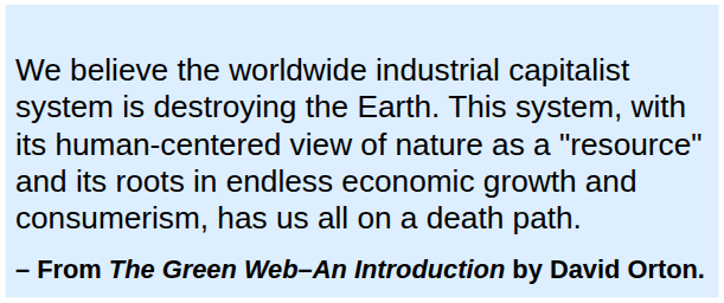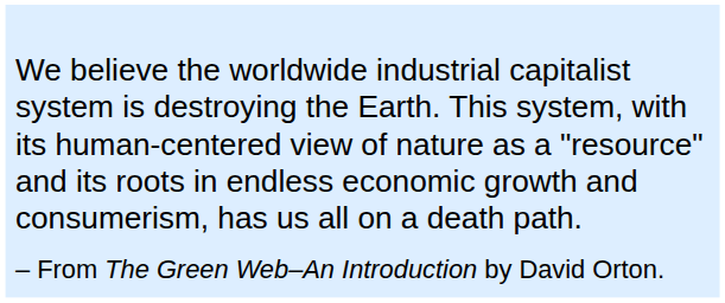 <table class="toccolours" style="float: right; margin-left: 1em; margin-right: 1em; font-size: 110%; background:#ddeeff; color:black; width:23em; max-width: 35%;" cellspacing="5">
 <tr>
 <td style="text-align: left;"><br>We believe the worldwide industrial capitalist system is destroying the Earth. This system, with its human-centered view of nature as a "resource" and its roots in endless economic growth and consumerism, has us all on a death path.</td>
 </tr>
 <tr>
-<td style="text-align: left;"><strong><small> – From <em>The Green Web–An Introduction</em> by David Orton.</small></strong></td>
+<td style="text-align: left;"><small> – From <em>The Green Web–An Introduction</em> by David Orton.</small></td>
 </tr>
 </table>
